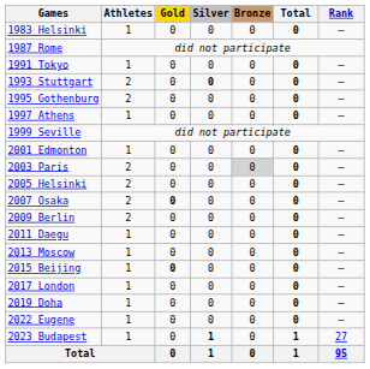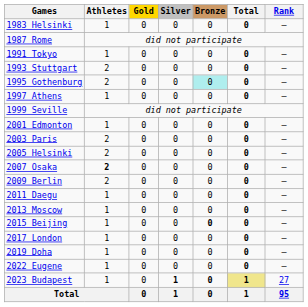 <table class="wikitable" style="text-align:center; font-size:90%;">
 <tr>
 <th>Games</th>
 <th>Athletes</th>
 <td style="background:gold; width:3.0em; font-weight:bold;">Gold</td>
 <td style="background:silver; width:3.0em; font-weight:bold;">Silver</td>
 <td style="background:#cc9966; width:3.0em; font-weight:bold;">Bronze</td>
 <th style="width:4em; font-weight:bold;">Total</th>
 <th style="width:4em; font-weight:bold;"><a href='#'>Rank</a></th>
 </tr>
 <tr>
 <td align=left><a href='#'>1983 Helsinki</a></td>
 <td>1</td>
 <td>0</td>
 <td>0</td>
 <td>0</td>
 <td><strong>0</strong></td>
 <td>–</td>
 </tr>
 <tr>
 <td align=left><a href='#'>1987 Rome</a></td>
 <td colspan=6><em>did not participate</em></td>
 </tr>
 <tr>
 <td align=left><a href='#'>1991 Tokyo</a></td>
 <td>1</td>
 <td>0</td>
 <td>0</td>
 <td>0</td>
 <td><strong>0</strong></td>
 <td>–</td>
 </tr>
 <tr>
 <td align=left><a href='#'>1993 Stuttgart</a></td>
 <td>2</td>
 <td>0</td>
-<td><strong>0</strong></td>
+<td>0</td>
 <td>0</td>
 <td><strong>0</strong></td>
 <td>–</td>
 </tr>
 <tr>
 <td align=left><a href='#'>1995 Gothenburg</a></td>
 <td>2</td>
 <td>0</td>
 <td>0</td>
-<td>0</td>
+<td style="background: paleturquoise;">0</td>
 <td><strong>0</strong></td>
 <td>–</td>
 </tr>
 <tr>
 <td align=left><a href='#'>1997 Athens</a></td>
 <td>1</td>
 <td>0</td>
 <td>0</td>
 <td>0</td>
 <td><strong>0</strong></td>
 <td>–</td>
 </tr>
 <tr>
 <td align=left><a href='#'>1999 Seville</a></td>
 <td colspan=6><em>did not participate</em></td>
 </tr>
 <tr>
 <td align=left><a href='#'>2001 Edmonton</a></td>
 <td>1</td>
 <td>0</td>
 <td>0</td>
 <td>0</td>
 <td><strong>0</strong></td>
 <td>–</td>
 </tr>
 <tr>
 <td align=left><a href='#'>2003 Paris</a></td>
 <td>2</td>
 <td>0</td>
 <td>0</td>
-<td style="background: lightgrey;">0</td>
+<td>0</td>
 <td><strong>0</strong></td>
 <td>–</td>
 </tr>
 <tr>
 <td align=left><a href='#'>2005 Helsinki</a></td>
 <td>2</td>
 <td>0</td>
 <td>0</td>
 <td>0</td>
 <td><strong>0</strong></td>
 <td>–</td>
 </tr>
 <tr>
 <td align=left><a href='#'>2007 Osaka</a></td>
-<td>2</td>
-<td><strong>0</strong></td>
+<td><strong>2</strong></td>
+<td>0</td>
 <td>0</td>
 <td>0</td>
 <td><strong>0</strong></td>
 <td>–</td>
 </tr>
 <tr>
 <td align=left><a href='#'>2009 Berlin</a></td>
 <td>2</td>
 <td>0</td>
 <td>0</td>
 <td>0</td>
 <td><strong>0</strong></td>
 <td>–</td>
 </tr>
 <tr>
 <td align=left><a href='#'>2011 Daegu</a></td>
 <td>1</td>
 <td>0</td>
 <td>0</td>
 <td>0</td>
 <td><strong>0</strong></td>
 <td>–</td>
 </tr>
 <tr>
 <td align=left><a href='#'>2013 Moscow</a></td>
 <td>1</td>
 <td>0</td>
 <td>0</td>
 <td>0</td>
 <td><strong>0</strong></td>
 <td>–</td>
 </tr>
 <tr>
 <td align=left><a href='#'>2015 Beijing</a></td>
 <td>1</td>
-<td><strong>0</strong></td>
 <td>0</td>
 <td>0</td>
+<td><strong>0</strong></td>
 <td><strong>0</strong></td>
 <td>–</td>
 </tr>
 <tr>
 <td align=left><a href='#'>2017 London</a></td>
 <td>1</td>
 <td>0</td>
 <td>0</td>
 <td>0</td>
 <td><strong>0</strong></td>
 <td>–</td>
 </tr>
 <tr>
 <td align=left><a href='#'>2019 Doha</a></td>
 <td>1</td>
 <td>0</td>
 <td>0</td>
 <td>0</td>
 <td><strong>0</strong></td>
 <td>–</td>
 </tr>
 <tr>
 <td align=left><a href='#'>2022 Eugene</a></td>
 <td>1</td>
 <td>0</td>
 <td>0</td>
 <td>0</td>
 <td><strong>0</strong></td>
 <td>–</td>
 </tr>
 <tr>
 <td align=left><a href='#'>2023 Budapest</a></td>
 <td>1</td>
 <td>0</td>
 <td><strong>1</strong></td>
-<td>0</td>
-<td><strong>1</strong></td>
+<td><strong>0</strong></td>
+<td style="background: khaki;"><strong>1</strong></td>
 <td><a href='#'> 27</a></td>
 </tr>
 <tr>
 <th colspan=2>Total</th>
 <th>0</th>
 <th>1</th>
 <th>0</th>
 <th>1</th>
 <th><a href='#'>95</a></th>
 </tr>
 </table>
